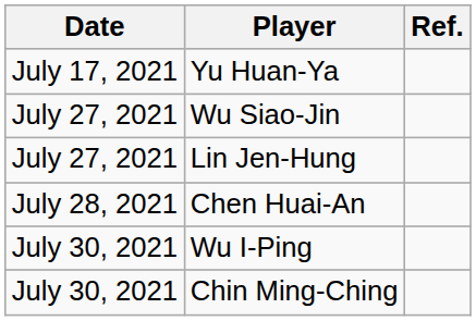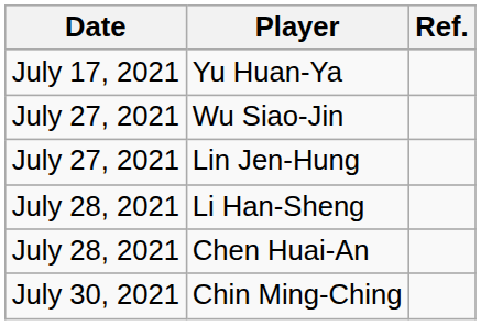 <table class="wikitable">
 <tr>
 <th>Date</th>
 <th>Player</th>
 <th>Ref.</th>
 </tr>
 <tr>
 <td>July 17, 2021</td>
 <td>Yu Huan-Ya</td>
 <td></td>
 </tr>
 <tr>
 <td>July 27, 2021</td>
 <td>Wu Siao-Jin</td>
 <td></td>
 </tr>
 <tr>
 <td>July 27, 2021</td>
 <td>Lin Jen-Hung</td>
 <td></td>
 </tr>
 <tr>
 <td>July 28, 2021</td>
-<td>Chen Huai-An</td>
+<td>Li Han-Sheng</td>
 <td></td>
 </tr>
 <tr>
-<td>July 30, 2021</td>
-<td>Wu I-Ping</td>
+<td>July 28, 2021</td>
+<td>Chen Huai-An</td>
 <td></td>
 </tr>
 <tr>
 <td>July 30, 2021</td>
 <td>Chin Ming-Ching</td>
 <td></td>
 </tr>
 </table>
